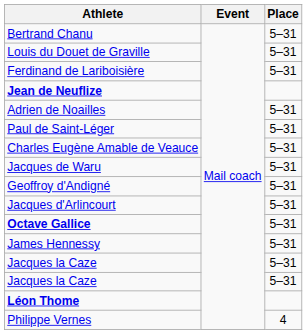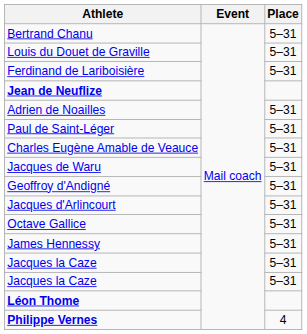 <table class="wikitable sortable" style="text-align:center; font-size:90%">
 <tr>
 <th>Athlete</th>
 <th>Event</th>
 <th>Place</th>
 </tr>
 <tr>
 <td align=left><a href='#'>Bertrand Chanu</a></td>
 <td rowspan=16 align=left><a href='#'>Mail coach</a></td>
 <td>5–31</td>
 </tr>
 <tr>
 <td align=left><a href='#'>Louis du Douet de Graville</a></td>
 <td>5–31</td>
 </tr>
 <tr>
 <td align=left><a href='#'>Ferdinand de Lariboisière</a></td>
 <td>5–31</td>
 </tr>
 <tr>
 <td align=left><strong><a href='#'>Jean de Neuflize</a></strong></td>
 <td></td>
 </tr>
 <tr>
 <td align=left><a href='#'>Adrien de Noailles</a></td>
 <td>5–31</td>
 </tr>
 <tr>
 <td align=left><a href='#'>Paul de Saint-Léger</a></td>
 <td>5–31</td>
 </tr>
 <tr>
 <td align=left><a href='#'>Charles Eugène Amable de Veauce</a></td>
 <td>5–31</td>
 </tr>
 <tr>
 <td align=left><a href='#'>Jacques de Waru</a></td>
 <td>5–31</td>
 </tr>
 <tr>
 <td align=left><a href='#'>Geoffroy d'Andigné</a></td>
 <td>5–31</td>
 </tr>
 <tr>
 <td align=left><a href='#'>Jacques d'Arlincourt</a></td>
 <td>5–31</td>
 </tr>
 <tr>
-<td align=left><strong><a href='#'>Octave Gallice</a></strong></td>
+<td align=left><a href='#'>Octave Gallice</a></td>
 <td>5–31</td>
 </tr>
 <tr>
 <td align=left><a href='#'>James Hennessy</a></td>
 <td>5–31</td>
 </tr>
 <tr>
 <td align=left><a href='#'>Jacques la Caze</a></td>
 <td>5–31</td>
 </tr>
 <tr>
 <td align=left><a href='#'>Jacques la Caze</a></td>
 <td>5–31</td>
 </tr>
 <tr>
 <td align=left><strong><a href='#'>Léon Thome</a></strong></td>
 <td></td>
 </tr>
 <tr>
-<td align=left><a href='#'>Philippe Vernes</a></td>
+<td align=left><strong><a href='#'>Philippe Vernes</a></strong></td>
 <td>4</td>
 </tr>
 </table>
